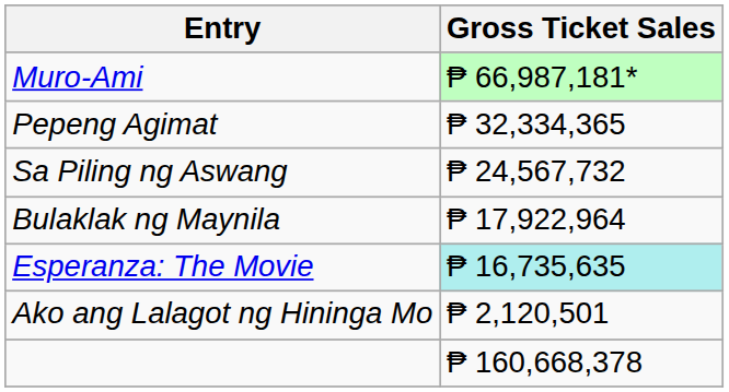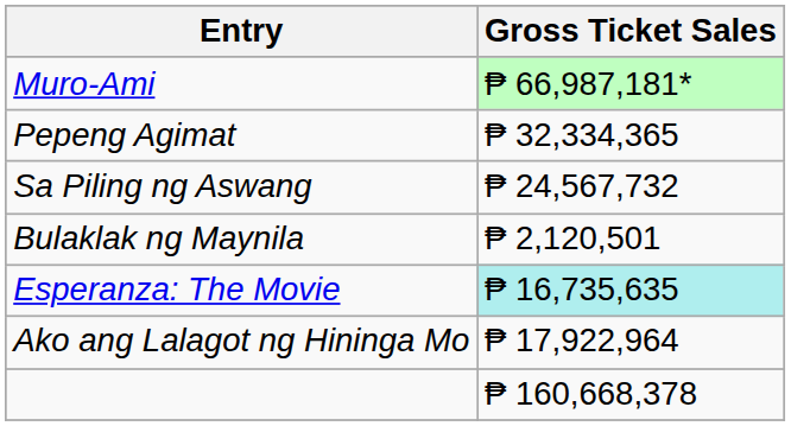 <table class="wikitable" style="text align: center">
 <tr bgcolor="#efefef">
 <th>Entry</th>
 <th>Gross Ticket Sales</th>
 </tr>
 <tr>
 <td><em><a href='#'>Muro-Ami</a></em></td>
 <td style="background:#BFFFC0;">₱ 66,987,181*</td>
 </tr>
 <tr>
 <td><em>Pepeng Agimat</em></td>
 <td>₱ 32,334,365</td>
 </tr>
 <tr>
 <td><em>Sa Piling ng Aswang</em></td>
 <td>₱ 24,567,732</td>
 </tr>
 <tr>
 <td><em>Bulaklak ng Maynila</em></td>
-<td>₱ 17,922,964</td>
+<td>₱ 2,120,501</td>
 </tr>
 <tr>
 <td><em><a href='#'>Esperanza: The Movie</a></em></td>
 <td style="background: paleturquoise;">₱ 16,735,635</td>
 </tr>
 <tr>
 <td><em>Ako ang Lalagot ng Hininga Mo</em></td>
-<td>₱ 2,120,501</td>
+<td>₱ 17,922,964</td>
 </tr>
 <tr>
 <td><strong></strong></td>
 <td>₱ 160,668,378</td>
 </tr>
 </table>
